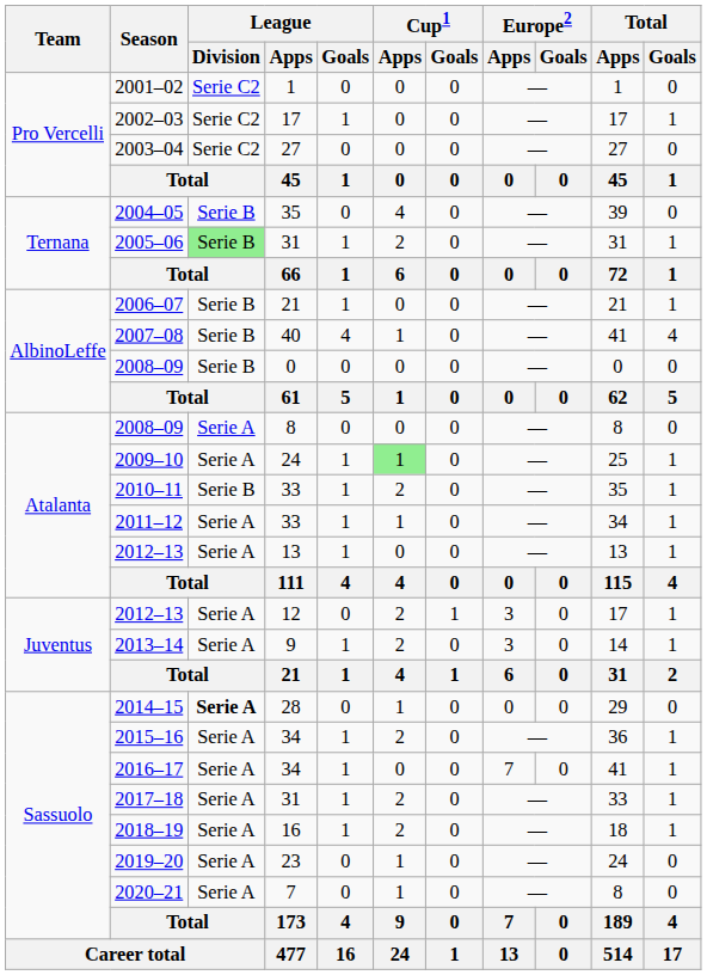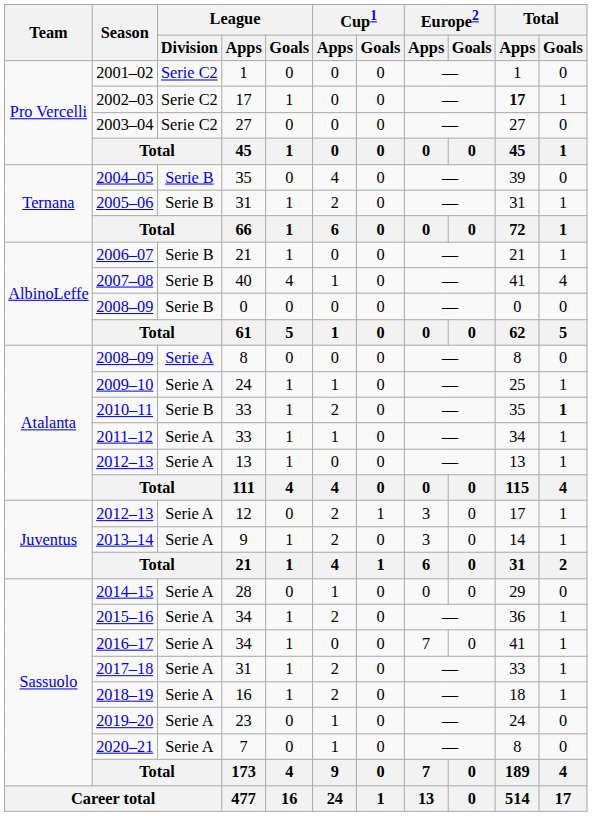 <table class="wikitable" style="text-align:center">
 <tr>
 <th rowspan="2">Team</th>
 <th rowspan="2">Season</th>
 <th colspan="3">League</th>
 <th colspan="2">Cup<sup><a href='#'>1</a></sup></th>
 <th colspan="2">Europe<sup><a href='#'>2</a></sup></th>
 <th colspan="2">Total</th>
 </tr>
 <tr>
 <th>Division</th>
 <th>Apps</th>
 <th>Goals</th>
 <th>Apps</th>
 <th>Goals</th>
 <th>Apps</th>
 <th>Goals</th>
 <th>Apps</th>
 <th>Goals</th>
 </tr>
 <tr>
 <td rowspan="4"><a href='#'>Pro Vercelli</a></td>
 <td>2001–02</td>
 <td><a href='#'>Serie C2</a></td>
 <td>1</td>
 <td>0</td>
 <td>0</td>
 <td>0</td>
 <td colspan="2">—</td>
 <td>1</td>
 <td>0</td>
 </tr>
 <tr>
 <td>2002–03</td>
 <td>Serie C2</td>
 <td>17</td>
 <td>1</td>
 <td>0</td>
 <td>0</td>
 <td colspan="2">—</td>
-<td>17</td>
+<td><strong>17</strong></td>
 <td>1</td>
 </tr>
 <tr>
 <td>2003–04</td>
 <td>Serie C2</td>
 <td>27</td>
 <td>0</td>
 <td>0</td>
 <td>0</td>
 <td colspan="2">—</td>
 <td>27</td>
 <td>0</td>
 </tr>
 <tr>
 <th colspan="2">Total</th>
 <th>45</th>
 <th>1</th>
 <th>0</th>
 <th>0</th>
 <th>0</th>
 <th>0</th>
 <th>45</th>
 <th>1</th>
 </tr>
 <tr>
 <td rowspan="3"><a href='#'>Ternana</a></td>
 <td><a href='#'>2004–05</a></td>
 <td><a href='#'>Serie B</a></td>
 <td>35</td>
 <td>0</td>
 <td>4</td>
 <td>0</td>
 <td colspan="2">—</td>
 <td>39</td>
 <td>0</td>
 </tr>
 <tr>
 <td><a href='#'>2005–06</a></td>
-<td style="background: lightgreen;">Serie B</td>
+<td>Serie B</td>
 <td>31</td>
 <td>1</td>
 <td>2</td>
 <td>0</td>
 <td colspan="2">—</td>
 <td>31</td>
 <td>1</td>
 </tr>
 <tr>
 <th colspan="2">Total</th>
 <th>66</th>
 <th>1</th>
 <th>6</th>
 <th>0</th>
 <th>0</th>
 <th>0</th>
 <th>72</th>
 <th>1</th>
 </tr>
 <tr>
 <td rowspan="4"><a href='#'>AlbinoLeffe</a></td>
 <td><a href='#'>2006–07</a></td>
 <td>Serie B</td>
 <td>21</td>
 <td>1</td>
 <td>0</td>
 <td>0</td>
 <td colspan="2">—</td>
 <td>21</td>
 <td>1</td>
 </tr>
 <tr>
 <td><a href='#'>2007–08</a></td>
 <td>Serie B</td>
 <td>40</td>
 <td>4</td>
 <td>1</td>
 <td>0</td>
 <td colspan="2">—</td>
 <td>41</td>
 <td>4</td>
 </tr>
 <tr>
 <td><a href='#'>2008–09</a></td>
 <td>Serie B</td>
 <td>0</td>
 <td>0</td>
 <td>0</td>
 <td>0</td>
 <td colspan="2">—</td>
 <td>0</td>
 <td>0</td>
 </tr>
 <tr>
 <th colspan="2">Total</th>
 <th>61</th>
 <th>5</th>
 <th>1</th>
 <th>0</th>
 <th>0</th>
 <th>0</th>
 <th>62</th>
 <th>5</th>
 </tr>
 <tr>
 <td rowspan="6"><a href='#'>Atalanta</a></td>
 <td><a href='#'>2008–09</a></td>
 <td><a href='#'>Serie A</a></td>
 <td>8</td>
 <td>0</td>
 <td>0</td>
 <td>0</td>
 <td colspan="2">—</td>
 <td>8</td>
 <td>0</td>
 </tr>
 <tr>
 <td><a href='#'>2009–10</a></td>
 <td>Serie A</td>
 <td>24</td>
 <td>1</td>
-<td style="background: lightgreen;">1</td>
+<td>1</td>
 <td>0</td>
 <td colspan="2">—</td>
 <td>25</td>
 <td>1</td>
 </tr>
 <tr>
 <td><a href='#'>2010–11</a></td>
 <td>Serie B</td>
 <td>33</td>
 <td>1</td>
 <td>2</td>
 <td>0</td>
 <td colspan="2">—</td>
 <td>35</td>
-<td>1</td>
+<td><strong>1</strong></td>
 </tr>
 <tr>
 <td><a href='#'>2011–12</a></td>
 <td>Serie A</td>
 <td>33</td>
 <td>1</td>
 <td>1</td>
 <td>0</td>
 <td colspan="2">—</td>
 <td>34</td>
 <td>1</td>
 </tr>
 <tr>
 <td><a href='#'>2012–13</a></td>
 <td>Serie A</td>
 <td>13</td>
 <td>1</td>
 <td>0</td>
 <td>0</td>
 <td colspan="2">—</td>
 <td>13</td>
 <td>1</td>
 </tr>
 <tr>
 <th colspan="2">Total</th>
 <th>111</th>
 <th>4</th>
 <th>4</th>
 <th>0</th>
 <th>0</th>
 <th>0</th>
 <th>115</th>
 <th>4</th>
 </tr>
 <tr>
 <td rowspan="3"><a href='#'>Juventus</a></td>
 <td><a href='#'>2012–13</a></td>
 <td>Serie A</td>
 <td>12</td>
 <td>0</td>
 <td>2</td>
 <td>1</td>
 <td>3</td>
 <td>0</td>
 <td>17</td>
 <td>1</td>
 </tr>
 <tr>
 <td><a href='#'>2013–14</a></td>
 <td>Serie A</td>
 <td>9</td>
 <td>1</td>
 <td>2</td>
 <td>0</td>
 <td>3</td>
 <td>0</td>
 <td>14</td>
 <td>1</td>
 </tr>
 <tr>
 <th colspan="2">Total</th>
 <th>21</th>
 <th>1</th>
 <th>4</th>
 <th>1</th>
 <th>6</th>
 <th>0</th>
 <th>31</th>
 <th>2</th>
 </tr>
 <tr>
 <td rowspan="8"><a href='#'>Sassuolo</a></td>
 <td><a href='#'>2014–15</a></td>
-<td><strong>Serie A</strong></td>
+<td>Serie A</td>
 <td>28</td>
 <td>0</td>
 <td>1</td>
 <td>0</td>
 <td>0</td>
 <td>0</td>
 <td>29</td>
 <td>0</td>
 </tr>
 <tr>
 <td><a href='#'>2015–16</a></td>
 <td>Serie A</td>
 <td>34</td>
 <td>1</td>
 <td>2</td>
 <td>0</td>
 <td colspan="2">—</td>
 <td>36</td>
 <td>1</td>
 </tr>
 <tr>
 <td><a href='#'>2016–17</a></td>
 <td>Serie A</td>
 <td>34</td>
 <td>1</td>
 <td>0</td>
 <td>0</td>
 <td>7</td>
 <td>0</td>
 <td>41</td>
 <td>1</td>
 </tr>
 <tr>
 <td><a href='#'>2017–18</a></td>
 <td>Serie A</td>
 <td>31</td>
 <td>1</td>
 <td>2</td>
 <td>0</td>
 <td colspan="2">—</td>
 <td>33</td>
 <td>1</td>
 </tr>
 <tr>
 <td><a href='#'>2018–19</a></td>
 <td>Serie A</td>
 <td>16</td>
 <td>1</td>
 <td>2</td>
 <td>0</td>
 <td colspan="2">—</td>
 <td>18</td>
 <td>1</td>
 </tr>
 <tr>
 <td><a href='#'>2019–20</a></td>
 <td>Serie A</td>
 <td>23</td>
 <td>0</td>
 <td>1</td>
 <td>0</td>
 <td colspan="2">—</td>
 <td>24</td>
 <td>0</td>
 </tr>
 <tr>
 <td><a href='#'>2020–21</a></td>
 <td>Serie A</td>
 <td>7</td>
 <td>0</td>
 <td>1</td>
 <td>0</td>
 <td colspan="2">—</td>
 <td>8</td>
 <td>0</td>
 </tr>
 <tr>
 <th colspan="2">Total</th>
 <th>173</th>
 <th>4</th>
 <th>9</th>
 <th>0</th>
 <th>7</th>
 <th>0</th>
 <th>189</th>
 <th>4</th>
 </tr>
 <tr>
 <th colspan="3">Career total</th>
 <th>477</th>
 <th>16</th>
 <th>24</th>
 <th>1</th>
 <th>13</th>
 <th>0</th>
 <th>514</th>
 <th>17</th>
 </tr>
 </table>
